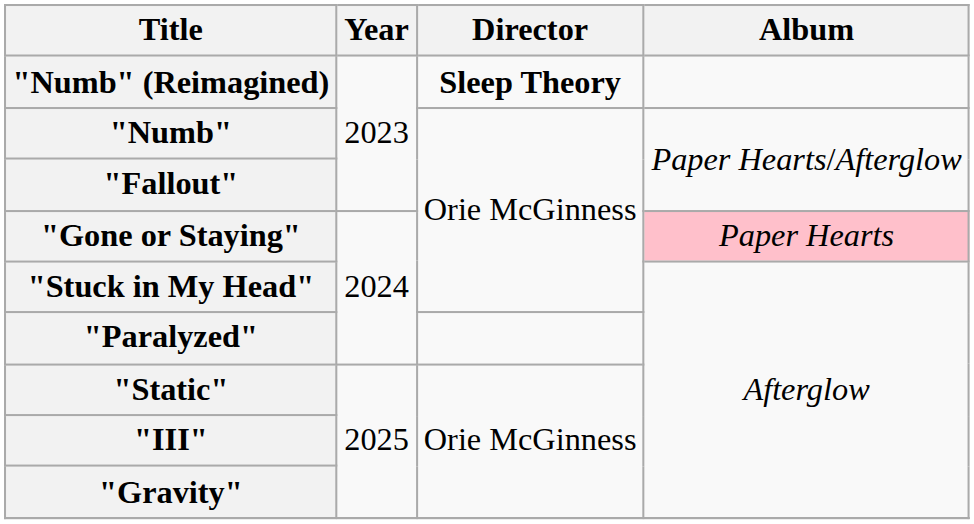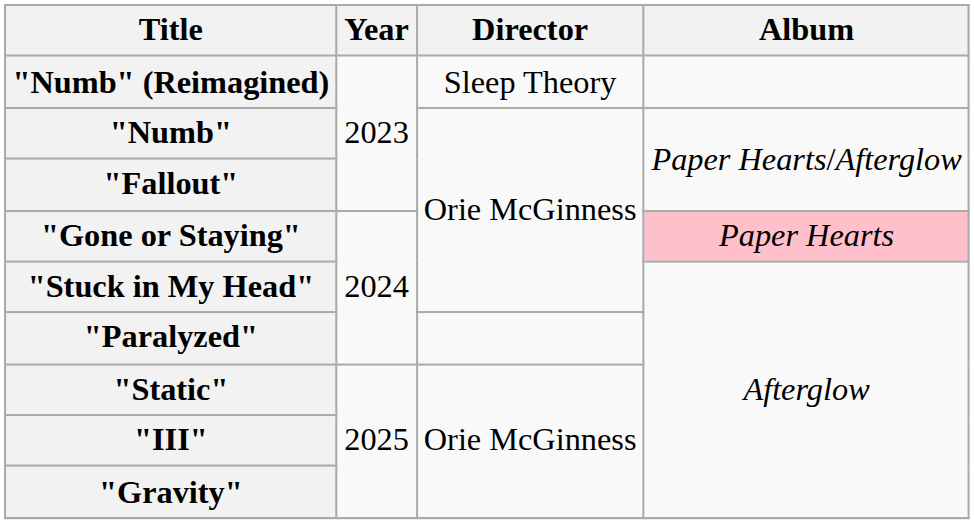 <table class="wikitable plainrowheaders" style="text-align:center;">
 <tr>
 <th>Title</th>
 <th>Year</th>
 <th>Director</th>
 <th>Album</th>
 </tr>
 <tr>
 <th scope="row">"Numb" (Reimagined)</th>
 <td rowspan="3">2023</td>
-<td><strong>Sleep Theory</strong></td>
+<td>Sleep Theory</td>
 <td></td>
 </tr>
 <tr>
 <th scope="row">"Numb"</th>
 <td rowspan="4">Orie McGinness</td>
 <td rowspan="2"><em>Paper Hearts</em>/<em>Afterglow</em></td>
 </tr>
 <tr>
 <th scope="row">"Fallout"</th>
 </tr>
 <tr>
 <th scope="row">"Gone or Staying"</th>
 <td rowspan="3">2024</td>
 <td style="background: pink;"><em>Paper Hearts</em></td>
 </tr>
 <tr>
 <th scope="row">"Stuck in My Head"</th>
 <td rowspan="5"><em>Afterglow</em></td>
 </tr>
 <tr>
 <th scope="row">"Paralyzed"</th>
 <td></td>
 </tr>
 <tr>
 <th scope="row">"Static"</th>
 <td rowspan="3">2025</td>
 <td rowspan="3">Orie McGinness</td>
 </tr>
 <tr>
 <th scope="row">"III"</th>
 </tr>
 <tr>
 <th scope="row">"Gravity"</th>
 </tr>
 <tr>
 </tr>
 </table>
